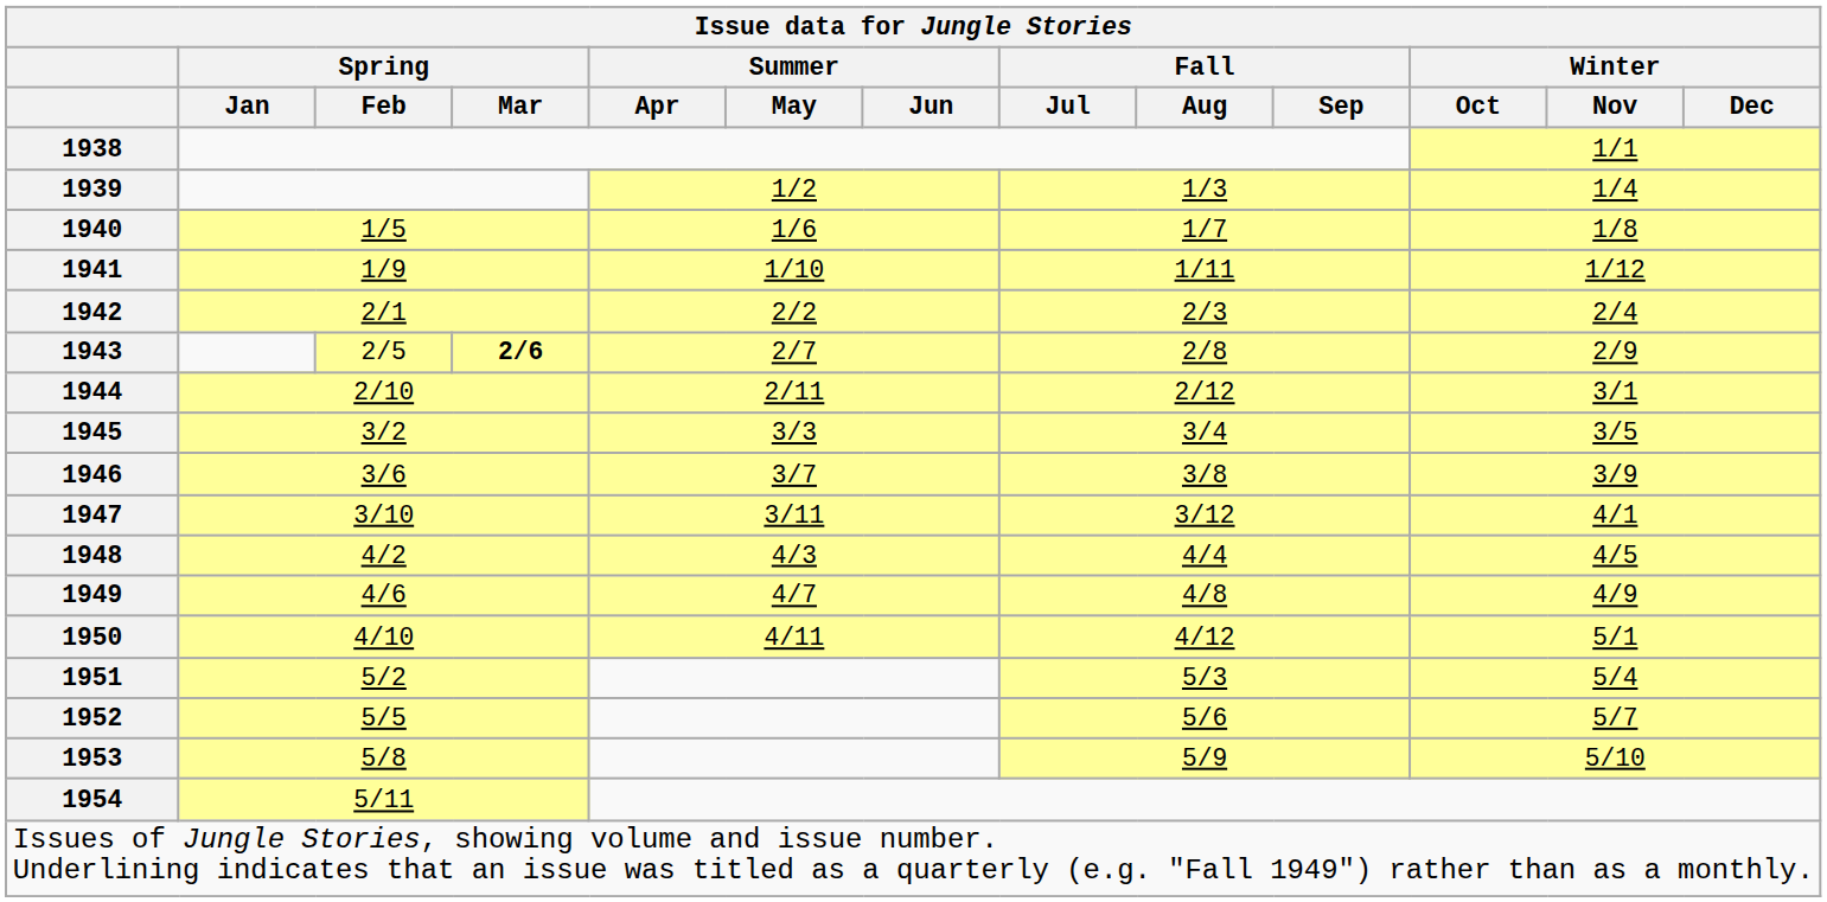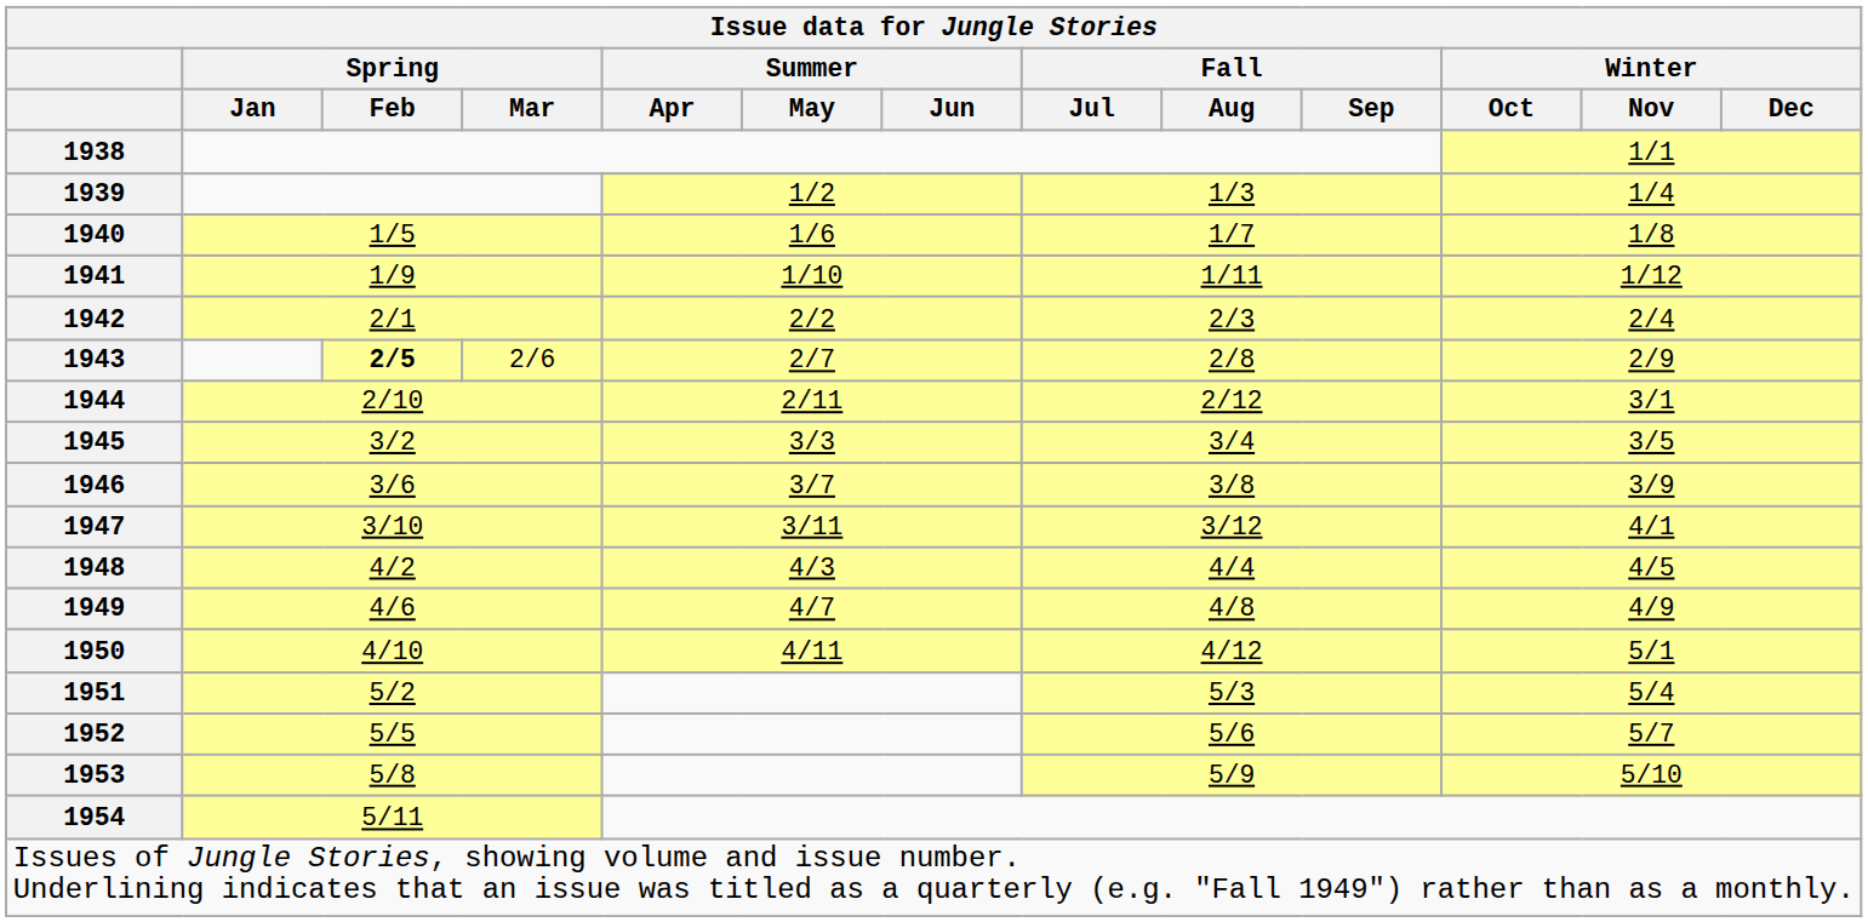 <table class="wikitable mw-collapsible mw-collapsed collapsible" style="font-size: 8pt; line-height: 9pt; margin-right: 2em; text-align: center; float: left">
 <tr>
 <th colspan="13">Issue data for <em>Jungle Stories</em></th>
 </tr>
 <tr>
 <th></th>
 <th colspan="3">Spring</th>
 <th colspan="3">Summer</th>
 <th colspan="3">Fall</th>
 <th colspan="3">Winter</th>
 </tr>
 <tr>
 <th></th>
 <th>Jan</th>
 <th>Feb</th>
 <th>Mar</th>
 <th>Apr</th>
 <th>May</th>
 <th>Jun</th>
 <th>Jul</th>
 <th>Aug</th>
 <th>Sep</th>
 <th>Oct</th>
 <th>Nov</th>
 <th>Dec</th>
 </tr>
 <tr>
 <th>1938</th>
 <td colspan="9"></td>
 <td colspan="3" bgcolor="#ffff99"><u>1/1</u></td>
 </tr>
 <tr>
 <th>1939</th>
 <td colspan="3"></td>
 <td colspan="3" bgcolor="#ffff99"><u>1/2</u></td>
 <td colspan="3" bgcolor="#ffff99"><u>1/3</u></td>
 <td colspan="3" bgcolor="#ffff99"><u>1/4</u></td>
 </tr>
 <tr>
 <th>1940</th>
 <td colspan="3" bgcolor="#ffff99"><u>1/5</u></td>
 <td colspan="3" bgcolor="#ffff99"><u>1/6</u></td>
 <td colspan="3" bgcolor="#ffff99"><u>1/7</u></td>
 <td colspan="3" bgcolor="#ffff99"><u>1/8</u></td>
 </tr>
 <tr>
 <th>1941</th>
 <td colspan="3" bgcolor="#ffff99"><u>1/9</u></td>
 <td colspan="3" bgcolor="#ffff99"><u>1/10</u></td>
 <td colspan="3" bgcolor="#ffff99"><u>1/11</u></td>
 <td colspan="3" bgcolor="#ffff99"><u>1/12</u></td>
 </tr>
 <tr>
 <th>1942</th>
 <td colspan="3" bgcolor="#ffff99"><u>2/1</u></td>
 <td colspan="3" bgcolor="#ffff99"><u>2/2</u></td>
 <td colspan="3" bgcolor="#ffff99"><u>2/3</u></td>
 <td colspan="3" bgcolor="#ffff99"><u>2/4</u></td>
 </tr>
 <tr>
 <th>1943</th>
 <td></td>
-<td bgcolor="#ffff99">2/5</td>
-<td bgcolor="#ffff99"><strong>2/6</strong></td>
+<td bgcolor="#ffff99"><strong>2/5</strong></td>
+<td bgcolor="#ffff99">2/6</td>
 <td colspan="3" bgcolor="#ffff99"><u>2/7</u></td>
 <td colspan="3" bgcolor="#ffff99"><u>2/8</u></td>
 <td colspan="3" bgcolor="#ffff99"><u>2/9</u></td>
 </tr>
 <tr>
 <th>1944</th>
 <td colspan="3" bgcolor="#ffff99"><u>2/10</u></td>
 <td colspan="3" bgcolor="#ffff99"><u>2/11</u></td>
 <td colspan="3" bgcolor="#ffff99"><u>2/12</u></td>
 <td colspan="3" bgcolor="#ffff99"><u>3/1</u></td>
 </tr>
 <tr>
 <th>1945</th>
 <td colspan="3" bgcolor="#ffff99"><u>3/2</u></td>
 <td colspan="3" bgcolor="#ffff99"><u>3/3</u></td>
 <td colspan="3" bgcolor="#ffff99"><u>3/4</u></td>
 <td colspan="3" bgcolor="#ffff99"><u>3/5</u></td>
 </tr>
 <tr>
 <th>1946</th>
 <td colspan="3" bgcolor="#ffff99"><u>3/6</u></td>
 <td colspan="3" bgcolor="#ffff99"><u>3/7</u></td>
 <td colspan="3" bgcolor="#ffff99"><u>3/8</u></td>
 <td colspan="3" bgcolor="#ffff99"><u>3/9</u></td>
 </tr>
 <tr>
 <th>1947</th>
 <td colspan="3" bgcolor="#ffff99"><u>3/10</u></td>
 <td colspan="3" bgcolor="#ffff99"><u>3/11</u></td>
 <td colspan="3" bgcolor="#ffff99"><u>3/12</u></td>
 <td colspan="3" bgcolor="#ffff99"><u>4/1</u></td>
 </tr>
 <tr>
 <th>1948</th>
 <td colspan="3" bgcolor="#ffff99"><u>4/2</u></td>
 <td colspan="3" bgcolor="#ffff99"><u>4/3</u></td>
 <td colspan="3" bgcolor="#ffff99"><u>4/4</u></td>
 <td colspan="3" bgcolor="#ffff99"><u>4/5</u></td>
 </tr>
 <tr>
 <th>1949</th>
 <td colspan="3" bgcolor="#ffff99"><u>4/6</u></td>
 <td colspan="3" bgcolor="#ffff99"><u>4/7</u></td>
 <td colspan="3" bgcolor="#ffff99"><u>4/8</u></td>
 <td colspan="3" bgcolor="#ffff99"><u>4/9</u></td>
 </tr>
 <tr>
 <th>1950</th>
 <td colspan="3" bgcolor="#ffff99"><u>4/10</u></td>
 <td colspan="3" bgcolor="#ffff99"><u>4/11</u></td>
 <td colspan="3" bgcolor="#ffff99"><u>4/12</u></td>
 <td colspan="3" bgcolor="#ffff99"><u>5/1</u></td>
 </tr>
 <tr>
 <th>1951</th>
 <td colspan="3" bgcolor="#ffff99"><u>5/2</u></td>
 <td colspan="3"></td>
 <td colspan="3" bgcolor="#ffff99"><u>5/3</u></td>
 <td colspan="3" bgcolor="#ffff99"><u>5/4</u></td>
 </tr>
 <tr>
 <th>1952</th>
 <td colspan="3" bgcolor="#ffff99"><u>5/5</u></td>
 <td colspan="3"></td>
 <td colspan="3" bgcolor="#ffff99"><u>5/6</u></td>
 <td colspan="3" bgcolor="#ffff99"><u>5/7</u></td>
 </tr>
 <tr>
 <th>1953</th>
 <td colspan="3" bgcolor="#ffff99"><u>5/8</u></td>
 <td colspan="3"></td>
 <td colspan="3" bgcolor="#ffff99"><u>5/9</u></td>
 <td colspan="3" bgcolor="#ffff99"><u>5/10</u></td>
 </tr>
 <tr>
 <th>1954</th>
 <td colspan="3" bgcolor="#ffff99"><u>5/11</u></td>
 <td colspan="9"></td>
 </tr>
 <tr>
 <td colspan="13" style="font-size: 9pt; text-align:left; line-height: 10pt;">Issues of <em>Jungle Stories</em>, showing volume and issue number.<br>Underlining indicates that an issue was titled as a quarterly (e.g. "Fall 1949") rather than as a monthly.</td>
 </tr>
 </table>
